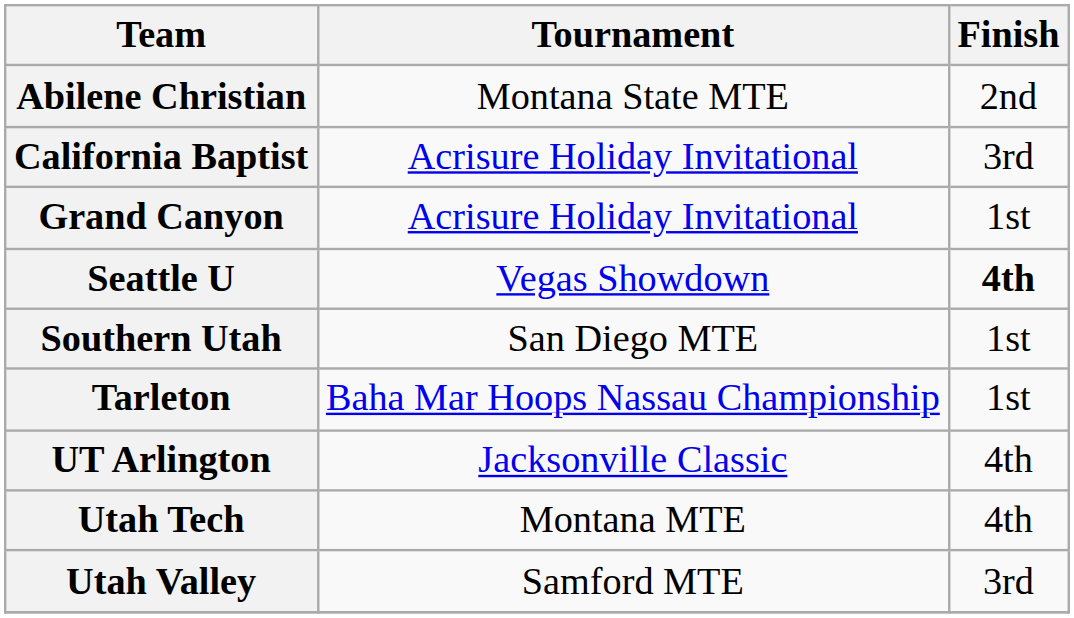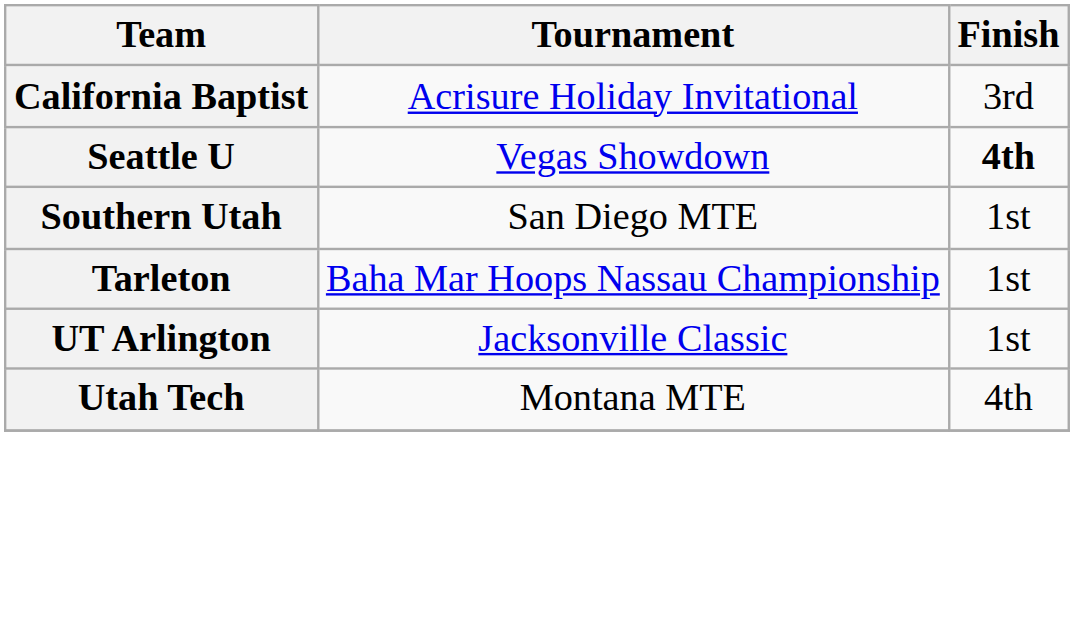 <table class="wikitable">
 <tr>
 <th>Team</th>
 <th>Tournament</th>
 <th>Finish</th>
 </tr>
 <tr style="text-align:center;">
-<th>Abilene Christian</th>
-<td>Montana State MTE</td>
-<td>2nd</td>
-</tr>
-<tr style="text-align:center;">
 <th>California Baptist</th>
 <td><a href='#'>Acrisure Holiday Invitational</a></td>
 <td>3rd</td>
-</tr>
-<tr style="text-align:center;">
-<th>Grand Canyon</th>
-<td><a href='#'>Acrisure Holiday Invitational</a></td>
-<td>1st</td>
 </tr>
 <tr style="text-align:center;">
 <th>Seattle U</th>
 <td><a href='#'>Vegas Showdown</a></td>
 <td><strong>4th</strong></td>
 </tr>
 <tr style="text-align:center;">
 <th>Southern Utah</th>
 <td>San Diego MTE</td>
 <td>1st</td>
 </tr>
 <tr style="text-align:center;">
 <th>Tarleton</th>
 <td><a href='#'>Baha Mar Hoops Nassau Championship</a></td>
 <td>1st</td>
 </tr>
 <tr style="text-align:center;">
 <th>UT Arlington</th>
 <td><a href='#'>Jacksonville Classic</a></td>
-<td>4th</td>
+<td>1st</td>
 </tr>
 <tr style="text-align:center;">
 <th>Utah Tech</th>
 <td>Montana MTE</td>
 <td>4th</td>
 </tr>
-<tr style="text-align:center;">
-<th>Utah Valley</th>
-<td>Samford MTE</td>
-<td>3rd</td>
-</tr>
 <tr>
 </tr>
 </table>
